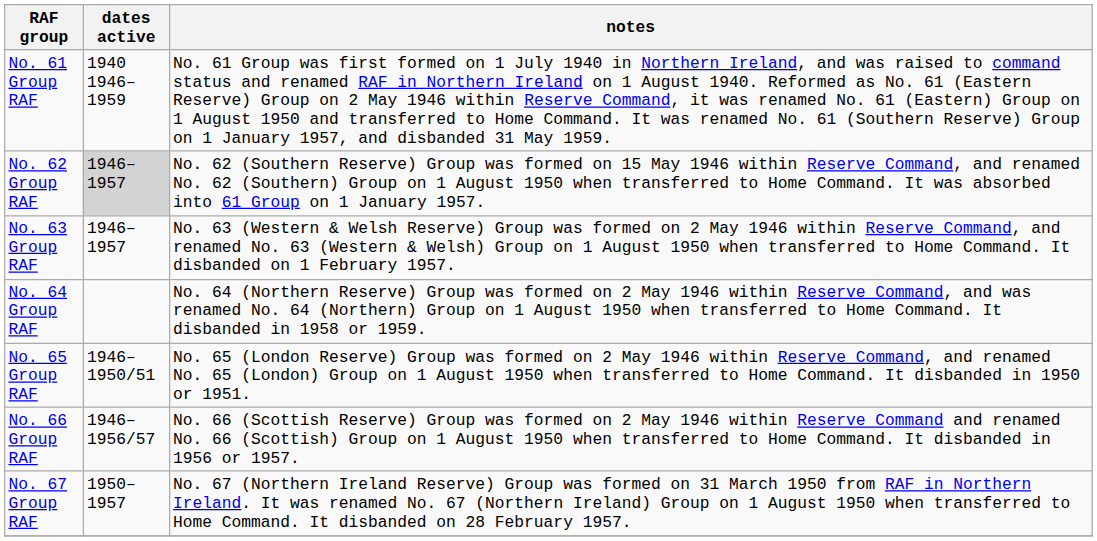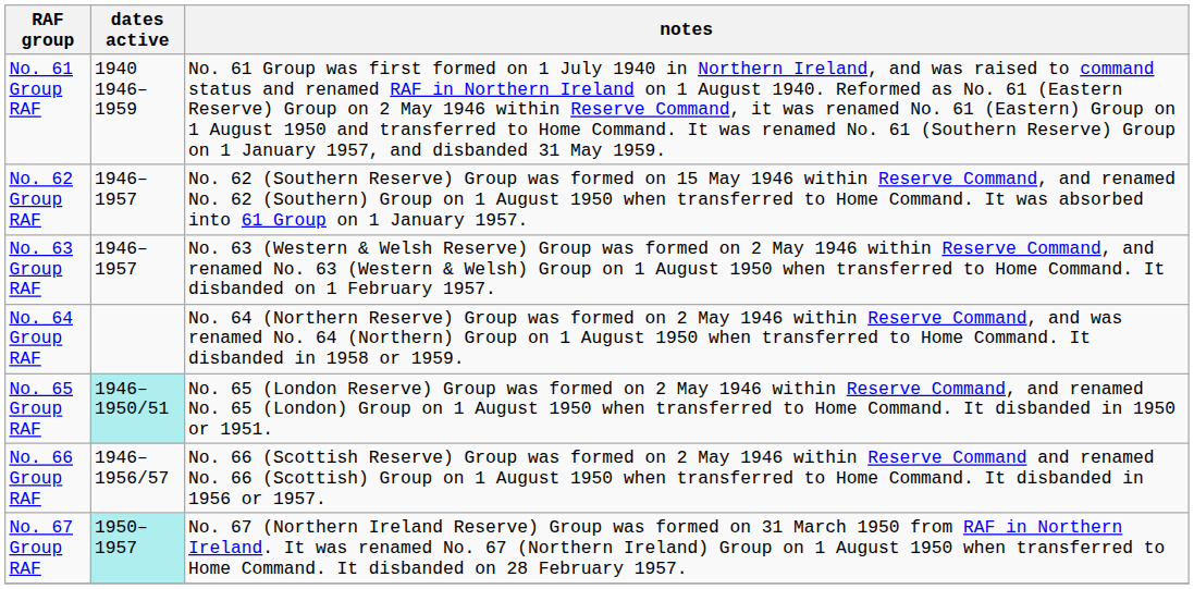 <table class="wikitable sortable">
 <tr>
 <th>RAF group</th>
 <th>dates active</th>
 <th>notes</th>
 </tr>
 <tr valign=top>
 <td><a href='#'>No. 61 Group RAF</a></td>
 <td>1940<br>1946–1959</td>
 <td>No. 61 Group was first formed on 1 July 1940 in <a href='#'>Northern Ireland</a>, and was raised to <a href='#'>command</a> status and renamed <a href='#'>RAF in Northern Ireland</a> on 1 August 1940.  Reformed as No. 61 (Eastern Reserve) Group on 2 May 1946 within <a href='#'>Reserve Command</a>, it was renamed No. 61 (Eastern) Group on 1 August 1950 and transferred to Home Command. It was renamed No. 61 (Southern Reserve) Group on 1 January 1957, and disbanded 31 May 1959.</td>
 </tr>
 <tr valign=top>
 <td><a href='#'>No. 62 Group RAF</a></td>
-<td style="background: lightgrey;">1946–1957</td>
+<td>1946–1957</td>
 <td>No. 62 (Southern Reserve) Group was formed on 15 May 1946 within <a href='#'>Reserve Command</a>, and renamed No. 62 (Southern) Group on 1 August 1950 when transferred to Home Command.  It was absorbed into <a href='#'>61 Group</a> on 1 January 1957.</td>
 </tr>
 <tr valign=top>
 <td><a href='#'>No. 63 Group RAF</a></td>
 <td>1946–1957</td>
 <td>No. 63 (Western & Welsh Reserve) Group was formed on 2 May 1946 within <a href='#'>Reserve Command</a>, and renamed No. 63 (Western & Welsh) Group on 1 August 1950 when transferred to Home Command.  It disbanded on 1 February 1957.</td>
 </tr>
 <tr valign=top>
 <td><a href='#'>No. 64 Group RAF</a></td>
 <td></td>
 <td>No. 64 (Northern Reserve) Group was formed on 2 May 1946 within <a href='#'>Reserve Command</a>, and was renamed No. 64 (Northern) Group on 1 August 1950 when transferred to Home Command.  It disbanded in 1958 or 1959.</td>
 </tr>
 <tr valign=top>
 <td><a href='#'>No. 65 Group RAF</a></td>
-<td>1946–1950/51</td>
+<td style="background: paleturquoise;">1946–1950/51</td>
 <td>No. 65 (London Reserve) Group was formed on 2 May 1946 within <a href='#'>Reserve Command</a>, and renamed No. 65 (London) Group on 1 August 1950 when transferred to Home Command.  It disbanded in 1950 or 1951.</td>
 </tr>
 <tr valign=top>
 <td><a href='#'>No. 66 Group RAF</a></td>
 <td>1946–1956/57</td>
 <td>No. 66 (Scottish Reserve) Group was formed on 2 May 1946 within <a href='#'>Reserve Command</a> and renamed No. 66 (Scottish) Group on 1 August 1950 when transferred to Home Command.  It disbanded in 1956 or 1957.</td>
 </tr>
 <tr valign=top>
 <td><a href='#'>No. 67 Group RAF</a></td>
-<td>1950–1957</td>
+<td style="background: paleturquoise;">1950–1957</td>
 <td>No. 67 (Northern Ireland Reserve) Group was formed on 31 March 1950 from <a href='#'>RAF in Northern Ireland</a>.  It was renamed No. 67 (Northern Ireland) Group on 1 August 1950 when transferred to Home Command.  It disbanded on 28 February 1957.</td>
 </tr>
 <tr valign=top>
 </tr>
 </table>
